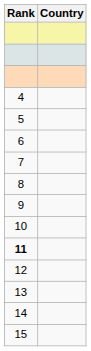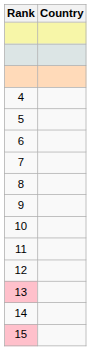 <table class="wikitable">
 <tr>
 <th>Rank</th>
 <th>Country</th>
 </tr>
 <tr bgcolor="#F7F6A8">
 <td align="center" style="height:23px"></td>
 <td></td>
 </tr>
 <tr bgcolor="#DCE5E5">
 <td align="center" style="height:23px"></td>
 <td></td>
 </tr>
 <tr bgcolor="#FFDAB9">
 <td align="center" style="height:23px"></td>
 <td></td>
 </tr>
 <tr>
 <td align="center" style="height:23px">4</td>
 <td></td>
 </tr>
 <tr>
 <td align="center" style="height:23px">5</td>
 <td></td>
 </tr>
 <tr>
 <td align="center" style="height:23px">6</td>
 <td></td>
 </tr>
 <tr>
 <td align="center" style="height:23px">7</td>
 <td></td>
 </tr>
 <tr>
 <td align="center" style="height:23px">8</td>
 <td></td>
 </tr>
 <tr>
 <td align="center" style="height:23px">9</td>
 <td></td>
 </tr>
 <tr>
 <td align="center" style="height:23px">10</td>
 <td></td>
 </tr>
 <tr>
-<td align="center" style="height:23px"><strong>11</strong></td>
+<td align="center" style="height:23px">11</td>
 <td></td>
 </tr>
 <tr>
 <td align="center" style="height:23px">12</td>
 <td></td>
 </tr>
 <tr>
-<td align="center" style="height:23px">13</td>
+<td align="center" style="background: pink; height:23px">13</td>
 <td></td>
 </tr>
 <tr>
 <td align="center" style="height:23px">14</td>
 <td></td>
 </tr>
 <tr>
-<td align="center" style="height:23px">15</td>
+<td align="center" style="background: pink; height:23px">15</td>
 <td></td>
 </tr>
 </table>
